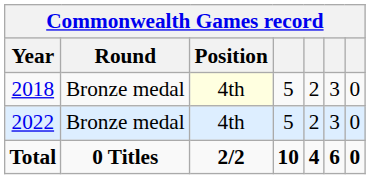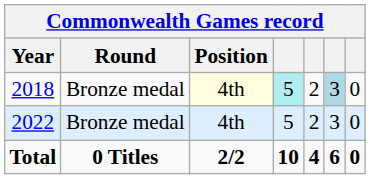 <table class="wikitable" style="text-align: center;">
 <tr>
 <th colspan="10"><a href='#'>Commonwealth Games record</a></th>
 </tr>
 <tr>
 <th>Year</th>
 <th>Round</th>
 <th>Position</th>
 <th></th>
 <th></th>
 <th></th>
 <th></th>
 </tr>
 <tr>
 <td> <a href='#'>2018</a></td>
 <td>Bronze medal</td>
 <td style="background: lightyellow;">4th</td>
-<td>5</td>
+<td style="background: paleturquoise;">5</td>
 <td>2</td>
-<td>3</td>
+<td style="background: lightblue;">3</td>
 <td>0</td>
 </tr>
 <tr bgcolor="#ddeeff">
 <td> <a href='#'>2022</a></td>
 <td>Bronze medal</td>
 <td>4th</td>
 <td>5</td>
 <td>2</td>
 <td>3</td>
 <td>0</td>
 </tr>
 <tr>
 <td colspan="1"><strong>Total</strong></td>
 <td><strong>0 Titles</strong></td>
 <td><strong>2/2</strong></td>
 <td><strong>10</strong></td>
 <td><strong>4</strong></td>
 <td><strong>6</strong></td>
 <td><strong>0</strong></td>
 </tr>
 </table>
